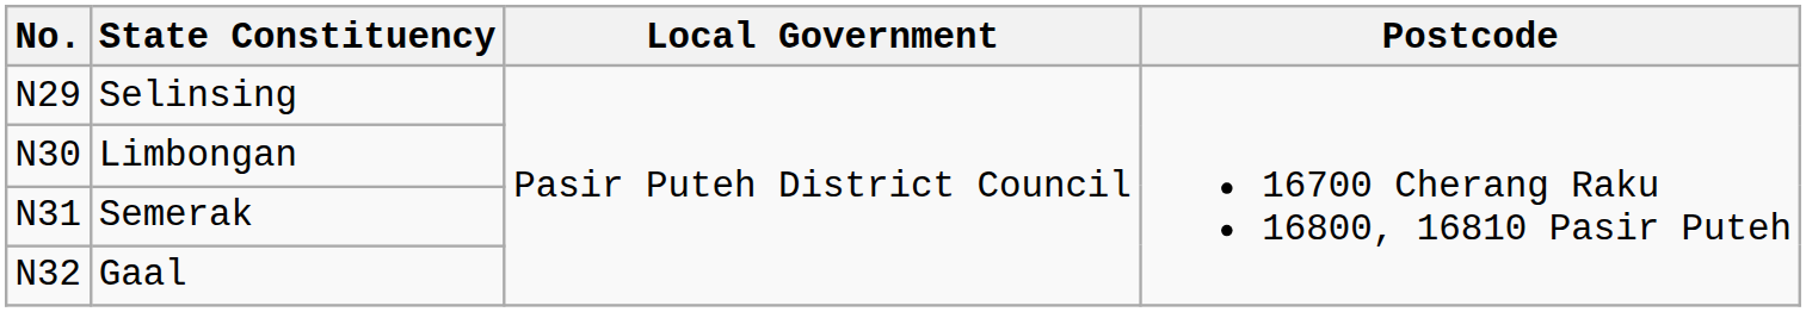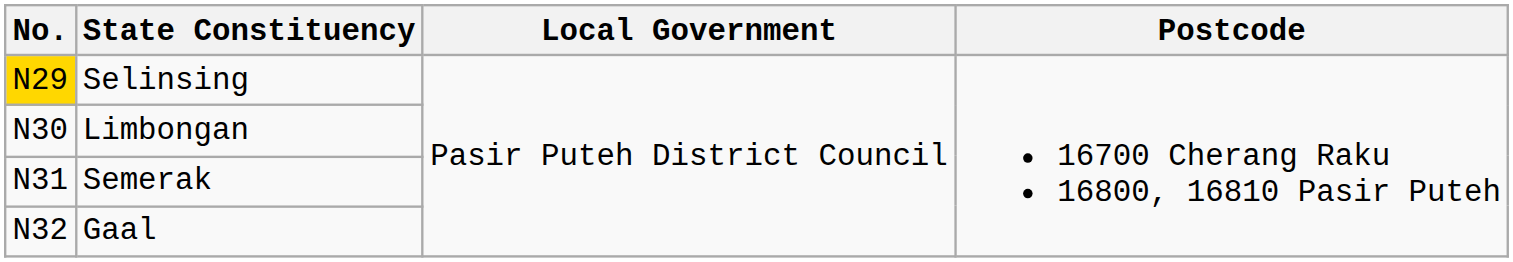 <table class="wikitable">
 <tr>
 <th>No.</th>
 <th>State Constituency</th>
 <th>Local Government</th>
 <th>Postcode</th>
 </tr>
 <tr>
-<td>N29</td>
+<td style="background: gold;">N29</td>
 <td>Selinsing</td>
 <td rowspan="4">Pasir Puteh District Council</td>
 <td rowspan="4"><br><ul><li>16700 Cherang Raku</li><li>16800, 16810 Pasir Puteh</li></ul></td>
 </tr>
 <tr>
 <td>N30</td>
 <td>Limbongan</td>
 </tr>
 <tr>
 <td>N31</td>
 <td>Semerak</td>
 </tr>
 <tr>
 <td>N32</td>
 <td>Gaal</td>
 </tr>
 </table>
